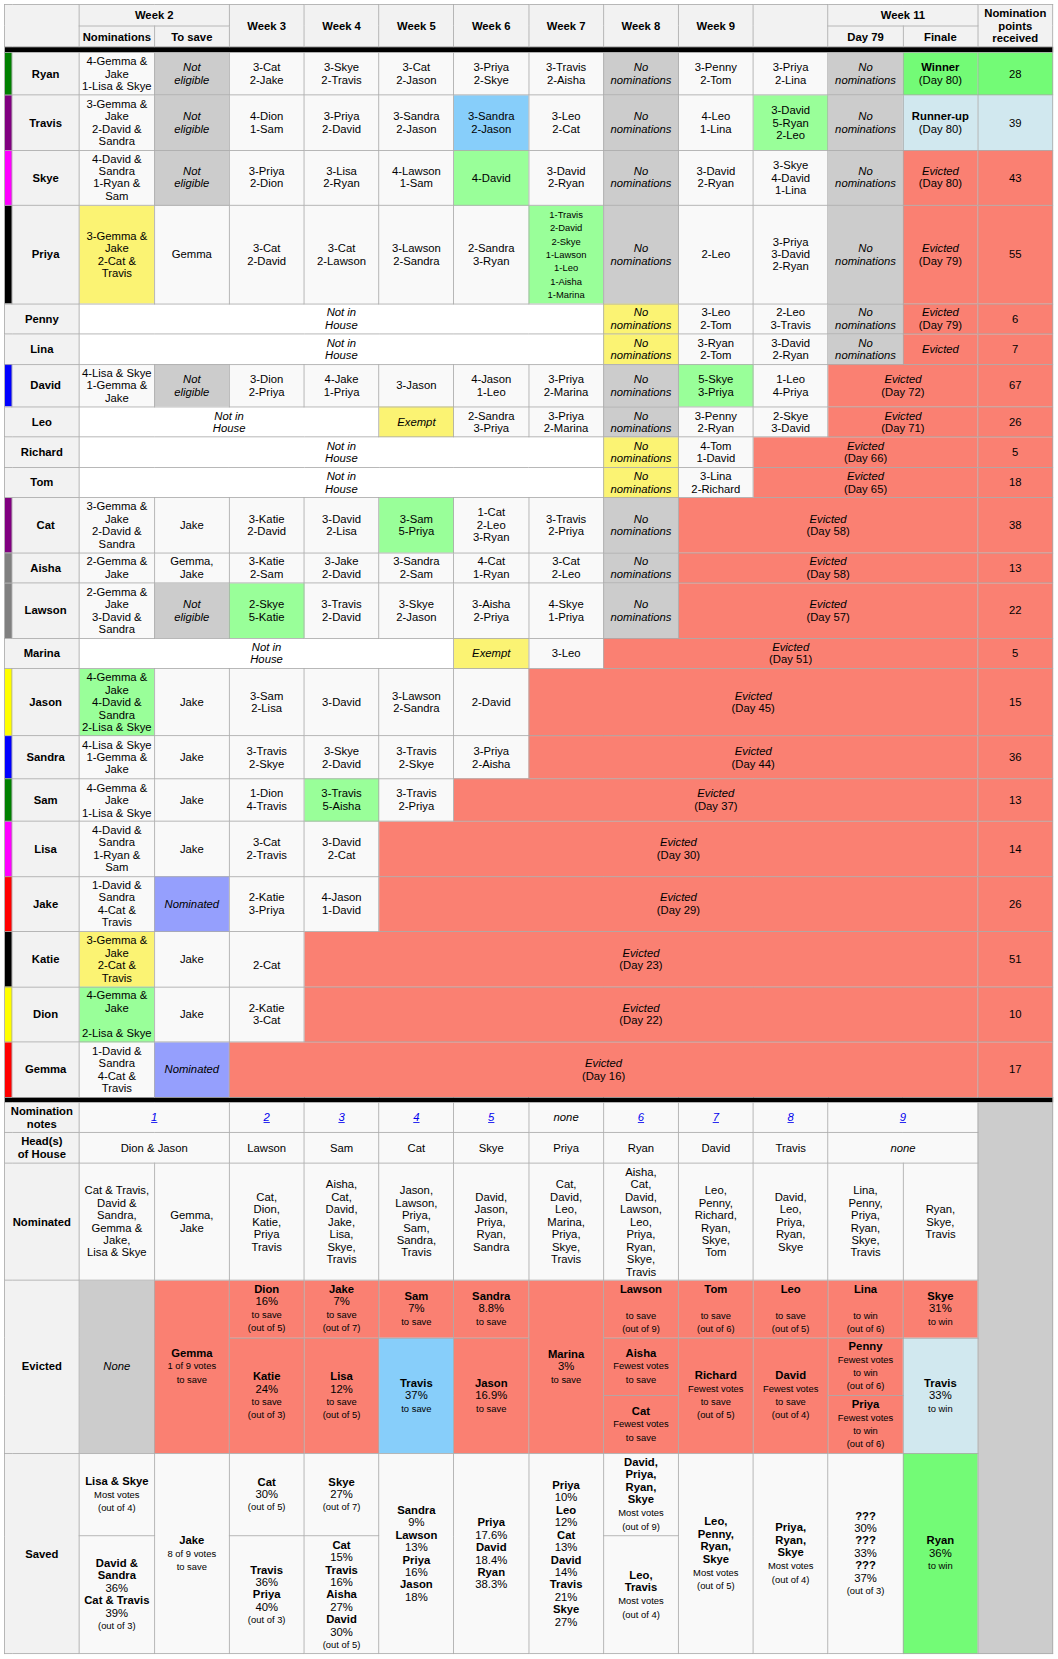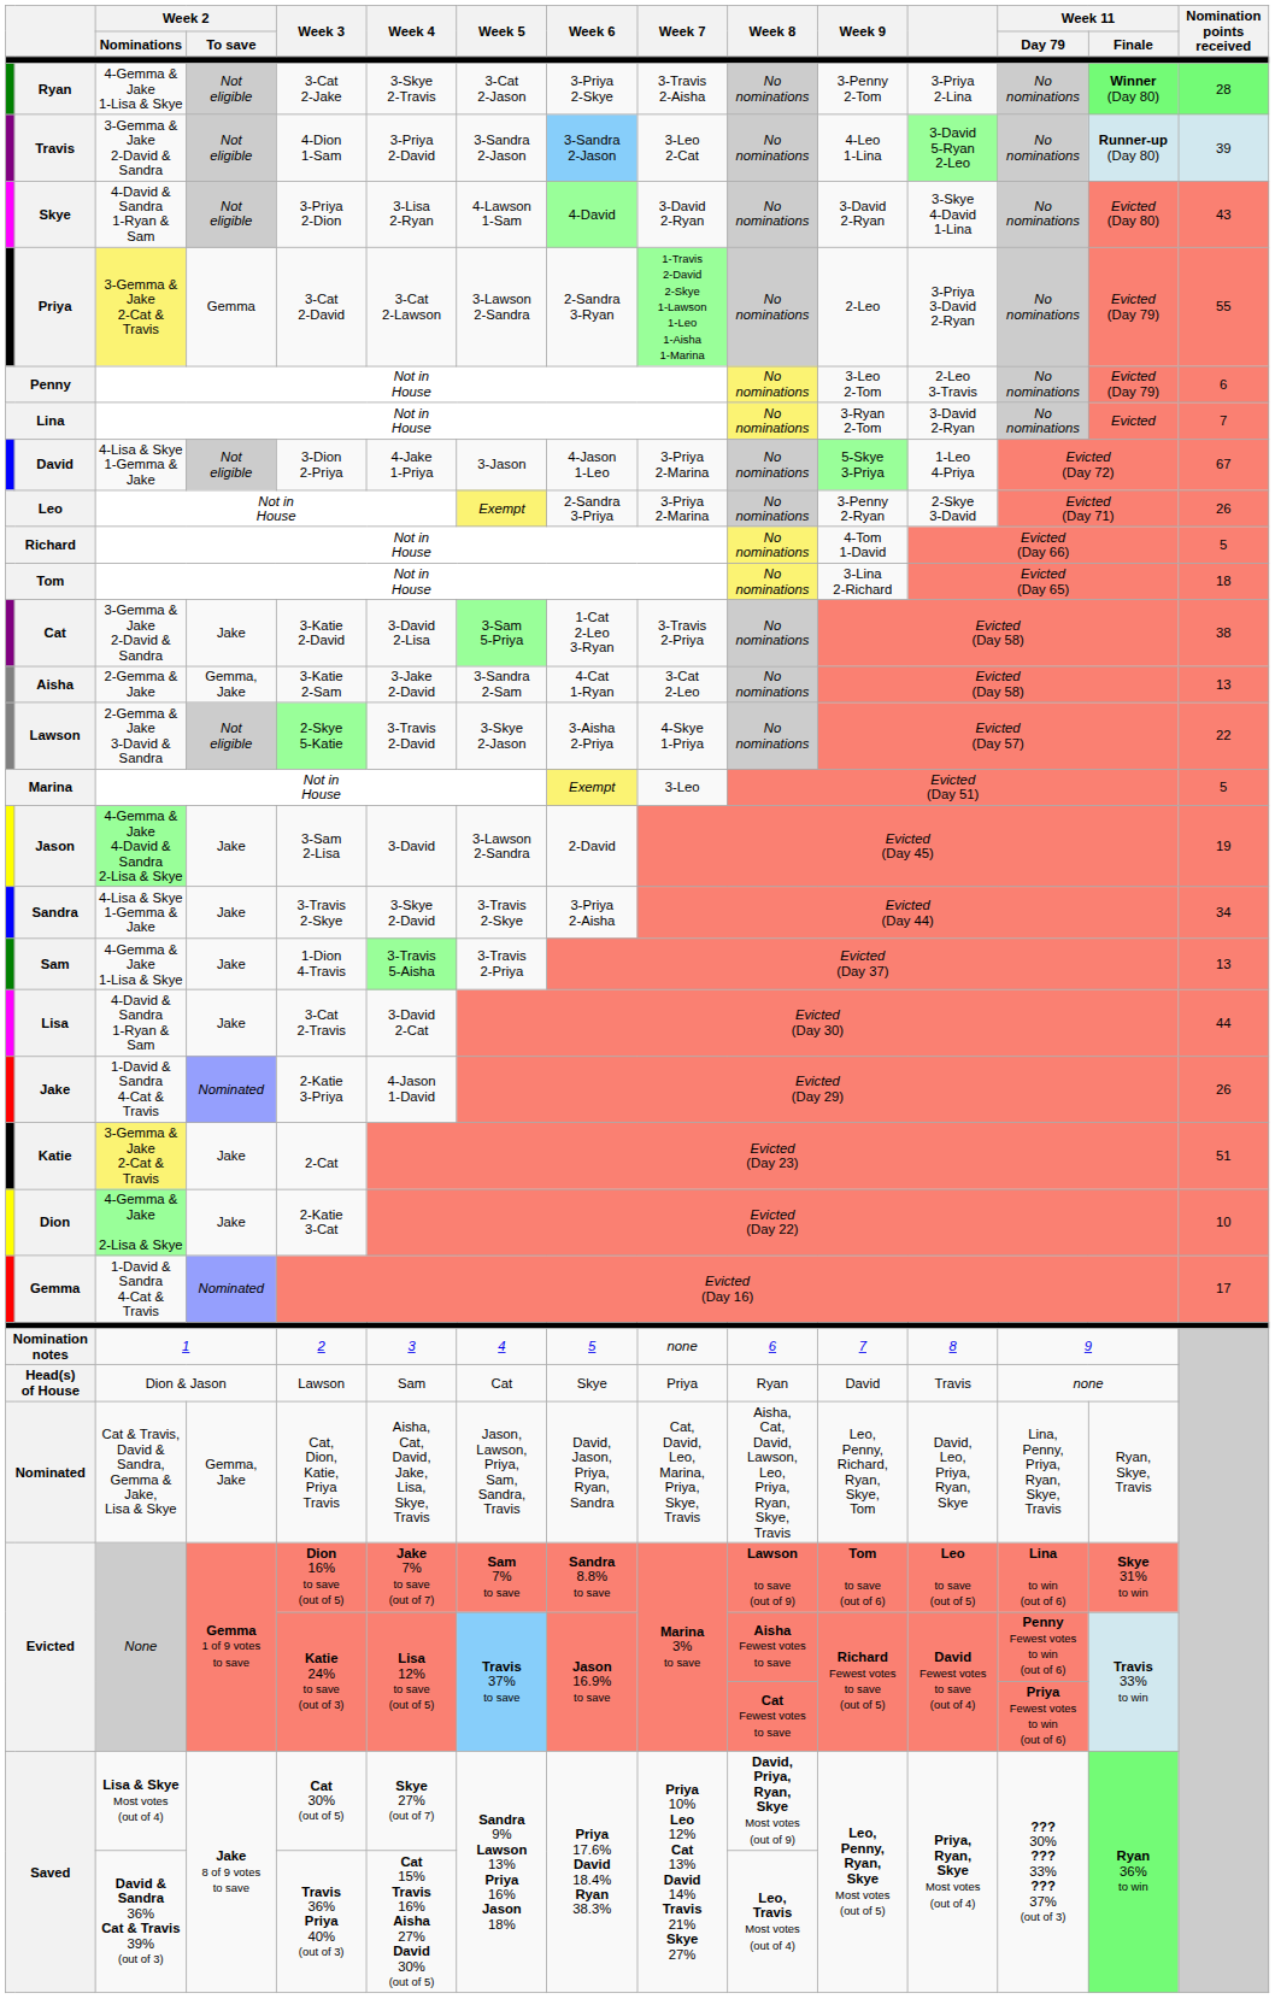 <table class="wikitable" style="text-align:center; font-size:85%; line-height:15px; width:100%;">
 <tr>
 <th style="width:7%" colspan="2" rowspan="2"></th>
 <th style="width:7%" colspan="2">Week 2</th>
 <th style="width:7%" rowspan="2">Week 3</th>
 <th style="width:7%" rowspan="2">Week 4</th>
 <th style="width:7%" rowspan="2">Week 5</th>
 <th style="width:7%" rowspan="2">Week 6</th>
 <th style="width:7%" rowspan="2">Week 7</th>
 <th style="width:7%" rowspan="2">Week 8</th>
 <th style="width:7%" rowspan="2">Week 9</th>
 <th style="width:7%" rowspan="2"></th>
 <th style="width:7%" colspan="2">Week 11</th>
 <th style="width:7%" rowspan="2">Nomination<br>points<br>received</th>
 </tr>
 <tr>
 <th style="width:7%">Nominations</th>
 <th style="width:7%">To save</th>
 <th style="width:7%">Day 79</th>
 <th style="width:7%">Finale</th>
 </tr>
 <tr>
 <th style="background:#000" colspan="16"></th>
 </tr>
 <tr>
 <td style="background:#008000"></td>
 <th>Ryan</th>
 <td>4-Gemma & Jake<br>1-Lisa & Skye</td>
 <td style="background:#ccc"><em>Not<br>eligible</em></td>
 <td>3-Cat<br>2-Jake</td>
 <td>3-Skye<br>2-Travis</td>
 <td>3-Cat<br>2-Jason</td>
 <td>3-Priya<br>2-Skye</td>
 <td>3-Travis<br>2-Aisha</td>
 <td style="background:#CCCCCC"><em>No<br>nominations</em></td>
 <td>3-Penny<br>2-Tom</td>
 <td>3-Priya<br>2-Lina</td>
 <td style="background:#CCCCCC"><em>No<br>nominations</em></td>
 <td style="background:#73FB76"><strong>Winner</strong><br>(Day 80)</td>
 <td style="background:#73FB76">28</td>
 </tr>
 <tr>
 <td style="background:#800080"></td>
 <th>Travis</th>
 <td>3-Gemma & Jake<br>2-David & Sandra</td>
 <td style="background:#ccc"><em>Not<br>eligible</em></td>
 <td>4-Dion<br>1-Sam</td>
 <td>3-Priya<br>2-David</td>
 <td>3-Sandra<br>2-Jason</td>
 <td style="background:#87CEFA">3-Sandra<br>2-Jason</td>
 <td>3-Leo<br>2-Cat</td>
 <td style="background:#CCCCCC"><em>No<br>nominations</em></td>
 <td>4-Leo<br>1-Lina</td>
 <td style="background:#99FF99">3-David<br>5-Ryan<br>2-Leo</td>
 <td style="background:#CCCCCC"><em>No<br>nominations</em></td>
 <td style="background:#D1E8EF"><strong>Runner-up</strong><br>(Day 80)</td>
 <td style="background:#D1E8EF">39</td>
 </tr>
 <tr>
 <td style="background:#FF00FF"></td>
 <th>Skye</th>
 <td>4-David & Sandra<br>1-Ryan & Sam</td>
 <td style="background:#ccc"><em>Not<br>eligible</em></td>
 <td>3-Priya<br>2-Dion</td>
 <td>3-Lisa<br>2-Ryan</td>
 <td>4-Lawson<br>1-Sam</td>
 <td style="background:#99FF99">4-David</td>
 <td>3-David<br>2-Ryan</td>
 <td style="background:#CCCCCC"><em>No<br>nominations</em></td>
 <td>3-David<br>2-Ryan</td>
 <td>3-Skye<br>4-David<br>1-Lina</td>
 <td style="background:#CCCCCC"><em>No<br>nominations</em></td>
 <td style="background:#FA8072;"><em>Evicted</em><br>(Day 80)</td>
 <td style="background:#FA8072">43</td>
 </tr>
 <tr>
 <td style="background:#000"></td>
 <th>Priya</th>
 <td style="background:#FBF373">3-Gemma & Jake<br>2-Cat & Travis</td>
 <td>Gemma</td>
 <td>3-Cat<br>2-David</td>
 <td>3-Cat<br>2-Lawson</td>
 <td>3-Lawson<br>2-Sandra</td>
 <td>2-Sandra<br>3-Ryan</td>
 <td style="background:#99FF99"><small> 1-Travis<br>2-David<br>2-Skye<br>1-Lawson<br>1-Leo<br>1-Aisha<br>1-Marina</small></td>
 <td style="background:#CCCCCC"><em>No<br>nominations</em></td>
 <td>2-Leo<br></td>
 <td>3-Priya<br>3-David<br>2-Ryan</td>
 <td style="background:#CCCCCC"><em>No<br>nominations</em></td>
 <td style="background:#FA8072"><em>Evicted</em><br>(Day 79)</td>
 <td style="background:#FA8072">55</td>
 </tr>
 <tr>
 <th colspan="2">Penny</th>
 <td style="background:#FFFFFF" colspan="7"><em>Not in<br>House</em></td>
 <td style="background:#FBF373"><em>No<br>nominations</em></td>
 <td>3-Leo<br>2-Tom</td>
 <td>2-Leo<br>3-Travis</td>
 <td style="background:#CCCCCC"><em>No<br>nominations</em></td>
 <td style="background:#FA8072"><em>Evicted</em><br>(Day 79)</td>
 <td style="background:#FA8072">6</td>
 </tr>
 <tr>
 <th colspan="2">Lina</th>
 <td style="background:#FFFFFF" colspan="7"><em>Not in<br>House</em></td>
 <td style="background:#FBF373"><em>No<br>nominations</em></td>
 <td>3-Ryan<br>2-Tom</td>
 <td>3-David<br>2-Ryan</td>
 <td style="background:#CCCCCC"><em>No<br>nominations</em></td>
 <td style="background:#FA8072"><em>Evicted</em><br></td>
 <td style="background:#FA8072">7</td>
 </tr>
 <tr>
 <td style="background:#0000FF"></td>
 <th>David</th>
 <td>4-Lisa & Skye<br>1-Gemma & Jake</td>
 <td style="background:#ccc"><em>Not<br>eligible</em></td>
 <td>3-Dion<br>2-Priya</td>
 <td>4-Jake<br>1-Priya</td>
 <td>3-Jason<br></td>
 <td>4-Jason<br>1-Leo</td>
 <td>3-Priya<br>2-Marina</td>
 <td style="background:#CCCCCC"><em>No<br>nominations</em></td>
 <td style="background:#99FF99">5-Skye<br>3-Priya</td>
 <td>1-Leo<br>4-Priya</td>
 <td colspan="2" style="background:#FA8072"><em>Evicted</em><br>(Day 72)</td>
 <td style="background:#FA8072">67</td>
 </tr>
 <tr>
 <th colspan="2">Leo</th>
 <td style="background:#FFFFFF" colspan="4"><em>Not in<br>House</em></td>
 <td style="background:#FBF373"><em>Exempt</em></td>
 <td>2-Sandra<br>3-Priya</td>
 <td>3-Priya<br>2-Marina</td>
 <td style="background:#CCCCCC"><em>No<br>nominations</em></td>
 <td>3-Penny<br>2-Ryan</td>
 <td>2-Skye<br>3-David</td>
 <td colspan="2" style="background:#FA8072"><em>Evicted</em><br>(Day 71)</td>
 <td style="background:#FA8072">26</td>
 </tr>
 <tr>
 <th colspan="2">Richard</th>
 <td style="background:#FFFFFF" colspan="7"><em>Not in<br>House</em></td>
 <td style="background:#FBF373"><em>No<br>nominations</em></td>
 <td>4-Tom<br>1-David</td>
 <td colspan="3" style="background:#FA8072"><em>Evicted</em><br>(Day 66)</td>
 <td style="background:#FA8072">5</td>
 </tr>
 <tr>
 <th colspan="2">Tom</th>
 <td style="background:#FFFFFF" colspan="7"><em>Not in<br>House</em></td>
 <td style="background:#FBF373"><em>No<br>nominations</em></td>
 <td>3-Lina<br>2-Richard</td>
 <td colspan="3" style="background:#FA8072"><em>Evicted</em><br>(Day 65)</td>
 <td style="background:#FA8072">18</td>
 </tr>
 <tr>
 <td style="background:#800080"></td>
 <th>Cat</th>
 <td>3-Gemma & Jake<br>2-David & Sandra</td>
 <td>Jake</td>
 <td>3-Katie<br>2-David</td>
 <td>3-David<br>2-Lisa</td>
 <td style="background:#99FF99">3-Sam<br>5-Priya</td>
 <td>1-Cat<br>2-Leo<br>3-Ryan</td>
 <td>3-Travis<br>2-Priya</td>
 <td style="background:#CCCCCC"><em>No<br>nominations</em></td>
 <td colspan="4" style="background:#FA8072"><em>Evicted</em><br>(Day 58)</td>
 <td style="background:#FA8072">38</td>
 </tr>
 <tr>
 <td style="background:#808080"></td>
 <th>Aisha</th>
 <td>2-Gemma & Jake<br></td>
 <td>Gemma,<br>Jake</td>
 <td>3-Katie<br>2-Sam</td>
 <td>3-Jake<br>2-David</td>
 <td>3-Sandra<br>2-Sam</td>
 <td>4-Cat<br>1-Ryan</td>
 <td>3-Cat<br>2-Leo</td>
 <td style="background:#CCCCCC"><em>No<br>nominations</em></td>
 <td colspan="4" style="background:#FA8072"><em>Evicted</em><br>(Day 58)</td>
 <td style="background:#FA8072">13</td>
 </tr>
 <tr>
 <td style="background:#808080"></td>
 <th>Lawson</th>
 <td>2-Gemma & Jake<br>3-David & Sandra</td>
 <td style="background:#ccc"><em>Not<br>eligible</em></td>
 <td style="background:#99FF99">2-Skye<br>5-Katie</td>
 <td>3-Travis<br>2-David</td>
 <td>3-Skye<br>2-Jason</td>
 <td>3-Aisha<br>2-Priya</td>
 <td>4-Skye<br>1-Priya</td>
 <td style="background:#CCCCCC"><em>No<br>nominations</em></td>
 <td colspan="4" style="background:#FA8072"><em>Evicted</em><br>(Day 57)</td>
 <td style="background:#FA8072">22</td>
 </tr>
 <tr>
 <th colspan="2">Marina</th>
 <td style="background:#FFFFFF" colspan="5"><em>Not in<br>House</em></td>
 <td style="background:#FBF373"><em>Exempt</em></td>
 <td>3-Leo<br></td>
 <td colspan="5" style="background:#FA8072"><em>Evicted</em><br>(Day 51)</td>
 <td style="background:#FA8072">5</td>
 </tr>
 <tr>
 <td style="background:#FFFF00"></td>
 <th>Jason</th>
 <td style="background:#99FF99">4-Gemma & Jake<br>4-David & Sandra<br>2-Lisa & Skye</td>
 <td>Jake</td>
 <td>3-Sam<br>2-Lisa</td>
 <td>3-David<br></td>
 <td>3-Lawson<br>2-Sandra</td>
 <td>2-David<br></td>
 <td colspan="6" style="background:#FA8072"><em>Evicted</em><br>(Day 45)</td>
-<td style="background:#FA8072">15</td>
+<td style="background:#FA8072">19</td>
 </tr>
 <tr>
 <td style="background:#0000FF"></td>
 <th>Sandra</th>
 <td>4-Lisa & Skye<br>1-Gemma & Jake</td>
 <td>Jake</td>
 <td>3-Travis<br>2-Skye</td>
 <td>3-Skye<br>2-David</td>
 <td>3-Travis<br>2-Skye</td>
 <td>3-Priya<br>2-Aisha</td>
 <td colspan="6" style="background:#FA8072"><em>Evicted</em><br>(Day 44)</td>
-<td style="background:#FA8072">36</td>
+<td style="background:#FA8072">34</td>
 </tr>
 <tr>
 <td style="background:#008000"></td>
 <th>Sam</th>
 <td>4-Gemma & Jake<br>1-Lisa & Skye</td>
 <td>Jake</td>
 <td>1-Dion<br>4-Travis</td>
 <td style="background:#99FF99">3-Travis<br>5-Aisha</td>
 <td>3-Travis<br>2-Priya</td>
 <td colspan="7" style="background:#FA8072"><em>Evicted</em><br>(Day 37)</td>
 <td style="background:#FA8072">13</td>
 </tr>
 <tr>
 <td style="background:#FF00FF"></td>
 <th>Lisa</th>
 <td>4-David & Sandra<br>1-Ryan & Sam</td>
 <td>Jake</td>
 <td>3-Cat<br>2-Travis</td>
 <td>3-David<br>2-Cat</td>
 <td colspan="8" style="background:#FA8072"><em>Evicted</em><br>(Day 30)</td>
-<td style="background:#FA8072">14</td>
+<td style="background:#FA8072">44</td>
 </tr>
 <tr>
 <td style="background:#FF0000"></td>
 <th>Jake</th>
 <td>1-David & Sandra<br>4-Cat & Travis</td>
 <td style="background:#959FFD"><em>Nominated</em></td>
 <td>2-Katie<br>3-Priya</td>
 <td>4-Jason<br>1-David</td>
 <td colspan="8" style="background:#FA8072"><em>Evicted</em><br>(Day 29)</td>
 <td style="background:#FA8072">26</td>
 </tr>
 <tr>
 <td style="background:#000"></td>
 <th>Katie</th>
 <td style="background:#FBF373">3-Gemma & Jake<br>2-Cat & Travis</td>
 <td>Jake</td>
 <td><br>2-Cat</td>
 <td colspan="9" style="background:#FA8072"><em>Evicted</em><br>(Day 23)</td>
 <td style="background:#FA8072">51</td>
 </tr>
 <tr>
 <td style="background:#FFFF00"></td>
 <th>Dion</th>
 <td style="background:#99FF99">4-Gemma & Jake<br><br>2-Lisa & Skye</td>
 <td>Jake</td>
 <td>2-Katie<br>3-Cat</td>
 <td colspan="9" style="background:#FA8072"><em>Evicted</em><br>(Day 22)</td>
 <td style="background:#FA8072">10</td>
 </tr>
 <tr>
 <td style="background:#FF0000"></td>
 <th>Gemma</th>
 <td>1-David & Sandra<br>4-Cat & Travis</td>
 <td style="background:#959FFD"><em>Nominated</em></td>
 <td colspan="10" style="background:#FA8072"><em>Evicted</em><br>(Day 16)</td>
 <td style="background:#FA8072">17</td>
 </tr>
 <tr>
 <th style="background:#000" colspan="16"></th>
 </tr>
 <tr>
 <th colspan="2">Nomination notes</th>
 <td colspan="2"><em><a href='#'>1</a></em></td>
 <td><em><a href='#'>2</a></em></td>
 <td><em><a href='#'>3</a></em></td>
 <td><em><a href='#'>4</a></em></td>
 <td><em><a href='#'>5</a></em></td>
 <td><em>none</em></td>
 <td><em><a href='#'>6</a></em></td>
 <td><em><a href='#'>7</a></em></td>
 <td><em><a href='#'>8</a></em></td>
 <td colspan="2"><em><a href='#'>9</a></em></td>
 <td style="background:#CCC" rowspan="9"></td>
 </tr>
 <tr>
 <th colspan="2">Head(s)<br>of House</th>
 <td colspan="2">Dion & Jason</td>
 <td>Lawson</td>
 <td>Sam</td>
 <td>Cat</td>
 <td>Skye</td>
 <td>Priya</td>
 <td>Ryan</td>
 <td>David</td>
 <td>Travis</td>
 <td colspan="2"><em>none</em></td>
 </tr>
 <tr>
 <th colspan="2">Nominated</th>
 <td>Cat & Travis,<br>David & Sandra,<br>Gemma & Jake,<br>Lisa & Skye</td>
 <td>Gemma,<br>Jake</td>
 <td>Cat,<br>Dion,<br>Katie,<br>Priya<br>Travis</td>
 <td>Aisha,<br>Cat,<br>David,<br>Jake,<br>Lisa,<br>Skye,<br>Travis</td>
 <td>Jason,<br>Lawson,<br>Priya,<br>Sam,<br>Sandra,<br>Travis</td>
 <td>David,<br>Jason,<br>Priya,<br>Ryan,<br>Sandra</td>
 <td>Cat,<br>David,<br>Leo,<br>Marina,<br>Priya,<br>Skye,<br>Travis</td>
 <td>Aisha,<br>Cat,<br>David,<br>Lawson,<br>Leo,<br>Priya,<br>Ryan,<br>Skye,<br>Travis</td>
 <td>Leo,<br>Penny,<br>Richard,<br>Ryan,<br>Skye,<br>Tom</td>
 <td>David,<br>Leo,<br>Priya,<br>Ryan,<br>Skye</td>
 <td>Lina,<br>Penny,<br>Priya,<br>Ryan,<br>Skye,<br>Travis</td>
 <td>Ryan,<br>Skye,<br>Travis</td>
 </tr>
 <tr>
 <th colspan="2" rowspan="4">Evicted</th>
 <td style="background:#CCC" rowspan="4"><em>None</em></td>
 <td style="background:#FA8072" rowspan="4"><strong>Gemma</strong><br><small>1 of 9 votes<br>to save</small></td>
 <td style="background:#FA8072" rowspan="2"><strong>Dion</strong><br>16%<br><small>to save<br>(out of 5)</small></td>
 <td style="background:#FA8072" rowspan="2"><strong>Jake</strong><br>7%<br><small>to save<br>(out of 7)</small></td>
 <td style="background:#FA8072" rowspan="2"><strong>Sam</strong><br>7%<br><small>to save</small></td>
 <td style="background:#FA8072" rowspan="2"><strong>Sandra</strong><br>8.8%<br><small>to save<br></small></td>
 <td style="background:#FA8072" rowspan="4"><strong>Marina</strong><br>3%<br><small>to save<br></small></td>
 <td style="background:#FA8072"><strong>Lawson</strong><br><small><br>to save<br>(out of 9)</small></td>
 <td style="background:#FA8072" rowspan="2"><strong>Tom</strong><br><small><br>to save<br>(out of 6)</small></td>
 <td style="background:#FA8072" rowspan="2"><strong>Leo</strong><br><small><br>to save<br>(out of 5)</small></td>
 <td style="background:#FA8072"><strong>Lina</strong><br><small><br>to win<br>(out of 6)</small></td>
 <td style="background:#FA8072" rowspan="2"><strong>Skye</strong><br>31%<br><small>to win<br></small></td>
 </tr>
 <tr>
 <td style="background:#FA8072" rowspan="2"><strong>Aisha</strong><br><small>Fewest votes<br>to save<br></small></td>
 <td style="background:#FA8072" rowspan="2"><strong>Penny</strong><br><small>Fewest votes<br>to win<br>(out of 6)</small></td>
 </tr>
 <tr>
 <td style="background:#FA8072" rowspan="2"><strong>Katie </strong><br>24%<br><small>to save<br>(out of 3)</small></td>
 <td style="background:#FA8072" rowspan="2"><strong>Lisa</strong><br>12%<br><small>to save<br>(out of 5)</small></td>
 <td style="background:#87CEFA" rowspan="2"><strong>Travis</strong><br>37%<br><small>to save</small></td>
 <td style="background:#FA8072" rowspan="2"><strong>Jason</strong><br>16.9%<br><small>to save<br></small></td>
 <td style="background:#FA8072" rowspan="2"><strong>Richard</strong><br><small>Fewest votes<br>to save<br>(out of 5)</small></td>
 <td style="background:#FA8072" rowspan="2"><strong>David</strong><br><small>Fewest votes<br>to save<br>(out of 4)</small></td>
 <td style="background:#D1E8EF" rowspan="2"><strong>Travis</strong><br>33%<br><small>to win<br></small></td>
 </tr>
 <tr>
 <td style="background:#FA8072"><strong>Cat</strong><br><small>Fewest votes<br>to save<br></small></td>
 <td style="background:#FA8072"><strong>Priya</strong><br><small>Fewest votes<br>to win<br>(out of 6)</small></td>
 </tr>
 <tr>
 <th colspan="2" rowspan="2">Saved</th>
 <td><strong>Lisa & Skye</strong><small><br>Most votes<br>(out of 4)</small></td>
 <td rowspan="2"><strong>Jake</strong><br><small>8 of 9 votes<br>to save</small></td>
 <td><strong>Cat</strong><br>30%<br><small>(out of 5)</small></td>
 <td><strong>Skye</strong><br>27%<br><small>(out of 7)</small></td>
 <td rowspan="2"><strong>Sandra</strong><br>9%<br><strong>Lawson</strong><br>13%<br><strong>Priya</strong><br>16%<br><strong>Jason</strong><br>18%</td>
 <td rowspan="2"><strong>Priya</strong><br>17.6%<br><strong>David</strong><br>18.4%<br><strong>Ryan</strong><br>38.3%<br></td>
 <td rowspan="2"><strong>Priya</strong><br>10%<br><strong>Leo</strong><br>12%<br><strong>Cat</strong><br>13%<br><strong>David</strong><br>14%<br><strong>Travis</strong><br>21%<br><strong>Skye</strong><br>27%<br></td>
 <td><strong>David,</strong><br><strong>Priya,</strong><br><strong>Ryan,</strong><br><strong>Skye</strong><small><br>Most votes<br>(out of 9)</small></td>
 <td rowspan="2"><strong>Leo,</strong><br><strong>Penny,</strong><br><strong>Ryan,</strong><br><strong>Skye</strong><small><br>Most votes<br>(out of 5)</small></td>
 <td rowspan="2"><strong>Priya,</strong><br><strong>Ryan,</strong><br><strong>Skye</strong><small><br>Most votes<br>(out of 4)</small></td>
 <td rowspan="2"><strong>???</strong><br>30%<br><strong>???</strong><br>33%<br><strong>???</strong><br>37%<br><small>(out of 3)</small></td>
 <td style="background:#73FB76" rowspan="2"><strong>Ryan</strong><br>36%<br><small>to win<br></small></td>
 </tr>
 <tr>
 <td><strong>David & Sandra</strong><br>36%<br><strong>Cat & Travis</strong><br>39%<br><small>(out of 3)</small></td>
 <td><strong>Travis</strong><br>36%<br><strong>Priya</strong><br>40%<br><small>(out of 3)</small></td>
 <td><strong>Cat</strong><br>15%<br><strong>Travis</strong><br>16%<br><strong>Aisha</strong><br>27%<br><strong>David</strong><br>30%<br><small>(out of 5)</small></td>
 <td><strong>Leo,</strong><br><strong>Travis</strong><small><br>Most votes<br>(out of 4)</small></td>
 </tr>
 </table>
